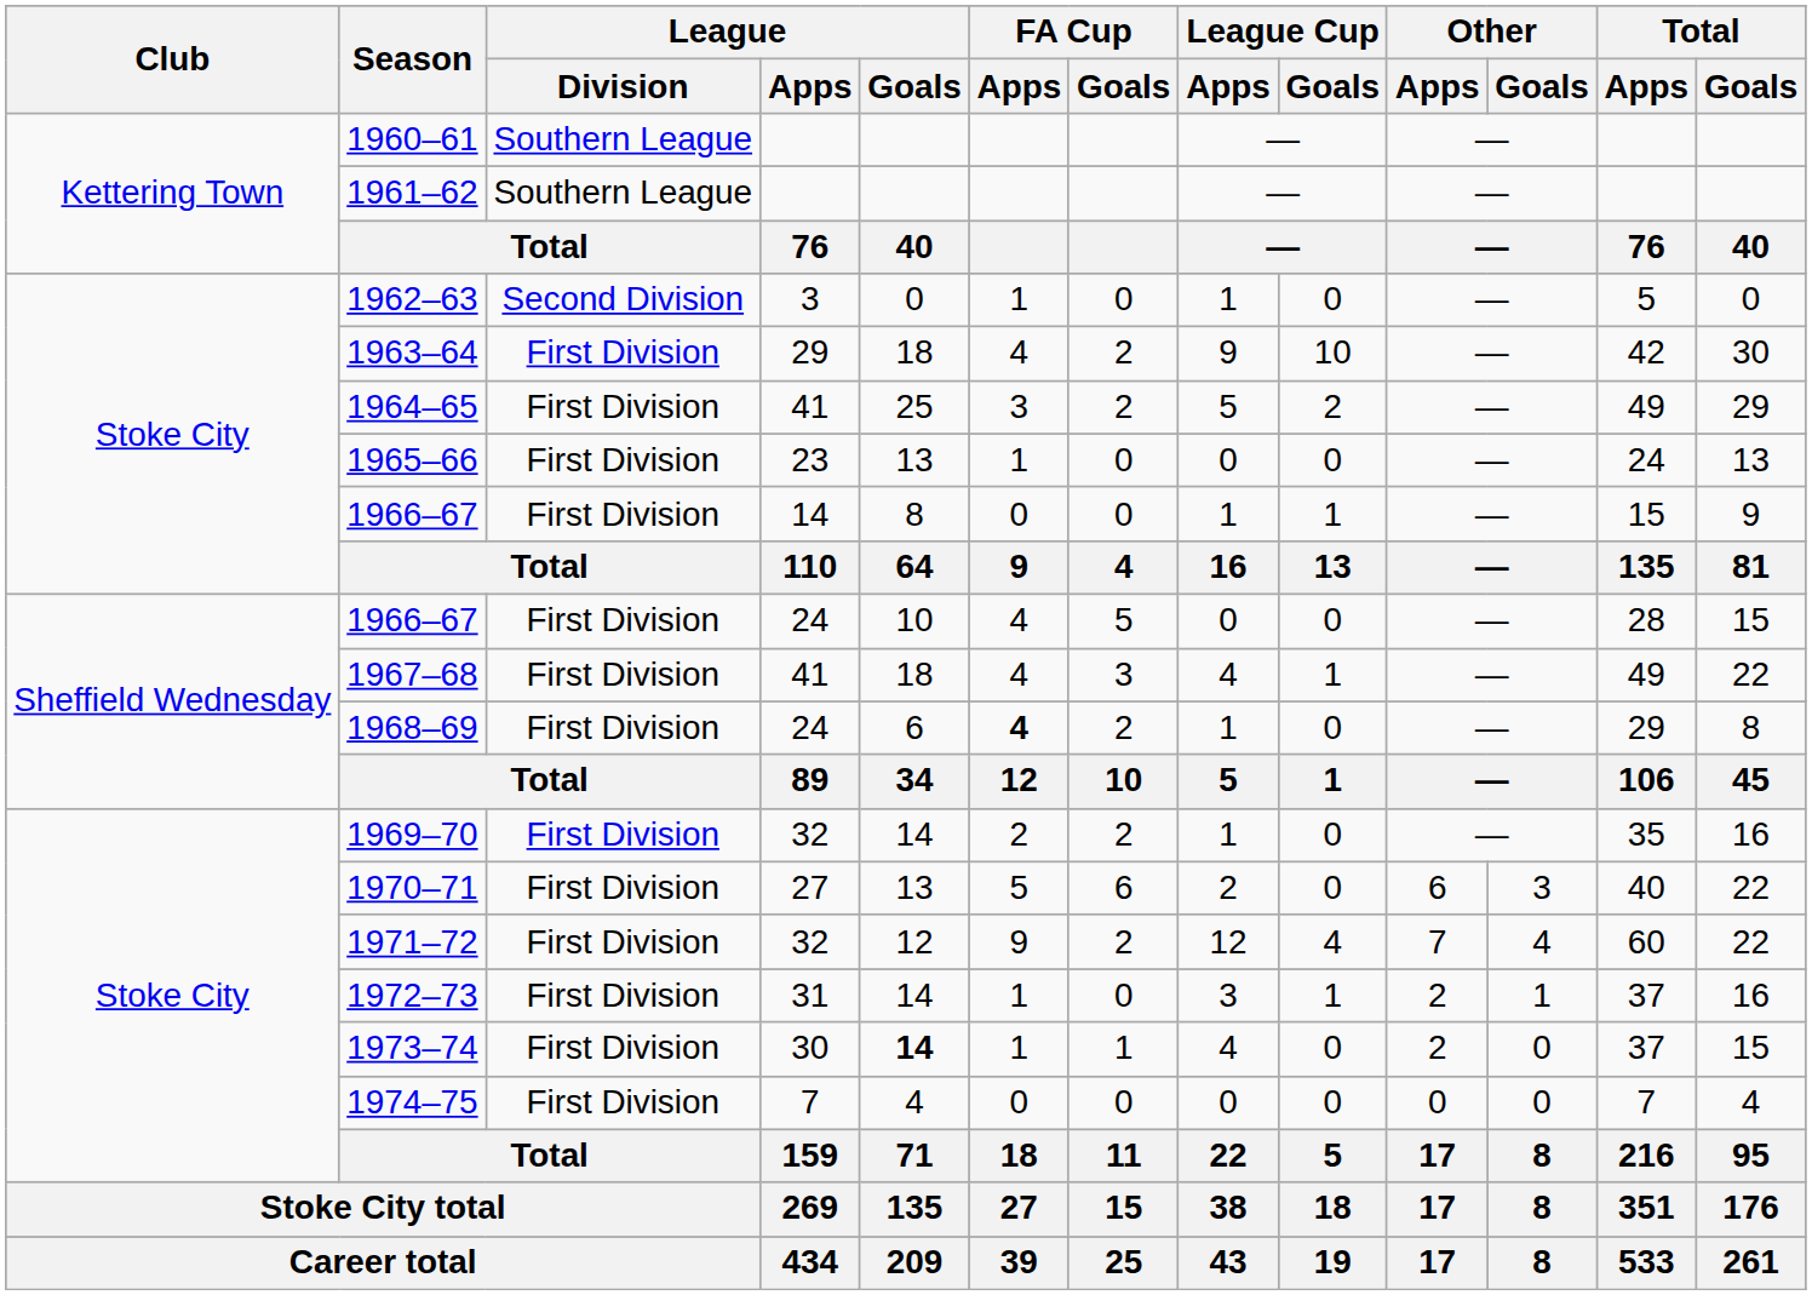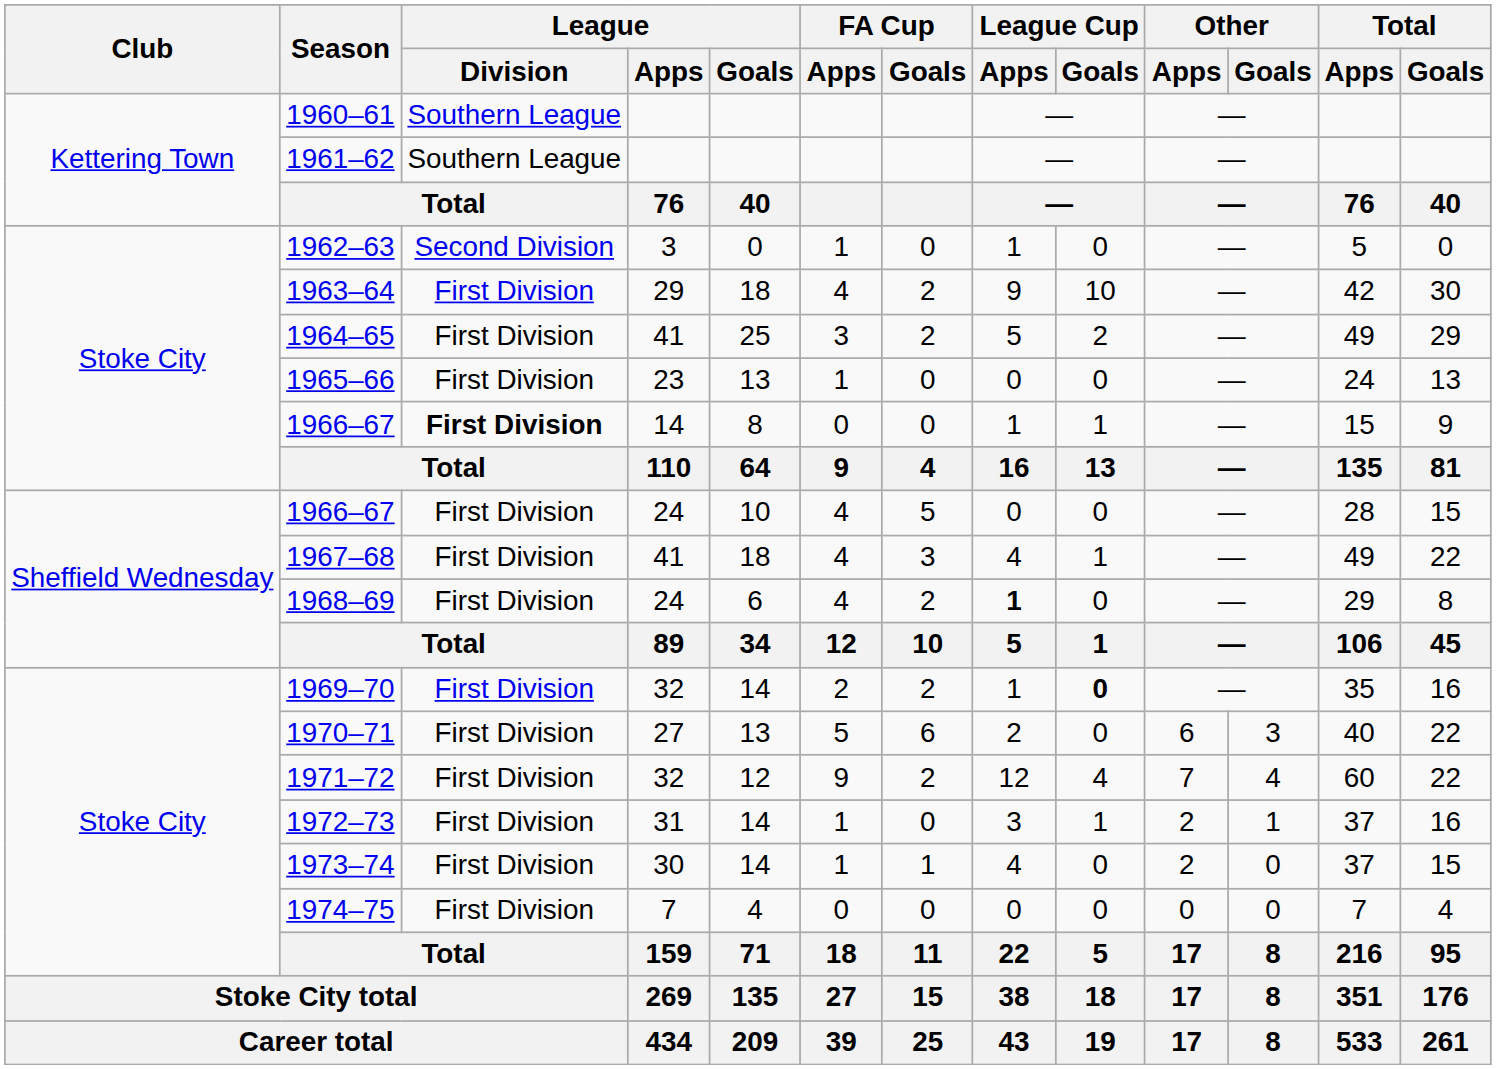 <table class="wikitable" style="text-align: center;">
 <tr>
 <th rowspan="2">Club</th>
 <th rowspan="2">Season</th>
 <th colspan="3">League</th>
 <th colspan="2">FA Cup</th>
 <th colspan="2">League Cup</th>
 <th colspan="2">Other</th>
 <th colspan="2">Total</th>
 </tr>
 <tr>
 <th>Division</th>
 <th>Apps</th>
 <th>Goals</th>
 <th>Apps</th>
 <th>Goals</th>
 <th>Apps</th>
 <th>Goals</th>
 <th>Apps</th>
 <th>Goals</th>
 <th>Apps</th>
 <th>Goals</th>
 </tr>
 <tr>
 <td rowspan="3"><a href='#'>Kettering Town</a></td>
 <td><a href='#'>1960–61</a></td>
 <td><a href='#'>Southern League</a></td>
 <td></td>
 <td></td>
 <td></td>
 <td></td>
 <td colspan="2">—</td>
 <td colspan="2">—</td>
 <td></td>
 <td></td>
 </tr>
 <tr>
 <td><a href='#'>1961–62</a></td>
 <td>Southern League</td>
 <td></td>
 <td></td>
 <td></td>
 <td></td>
 <td colspan="2">—</td>
 <td colspan="2">—</td>
 <td></td>
 <td></td>
 </tr>
 <tr>
 <th colspan="2">Total</th>
 <th>76</th>
 <th>40</th>
 <th></th>
 <th></th>
 <th colspan="2">—</th>
 <th colspan="2">—</th>
 <th>76</th>
 <th>40</th>
 </tr>
 <tr>
 <td rowspan="6"><a href='#'>Stoke City</a></td>
 <td><a href='#'>1962–63</a></td>
 <td><a href='#'>Second Division</a></td>
 <td>3</td>
 <td>0</td>
 <td>1</td>
 <td>0</td>
 <td>1</td>
 <td>0</td>
 <td colspan="2">—</td>
 <td>5</td>
 <td>0</td>
 </tr>
 <tr>
 <td><a href='#'>1963–64</a></td>
 <td><a href='#'>First Division</a></td>
 <td>29</td>
 <td>18</td>
 <td>4</td>
 <td>2</td>
 <td>9</td>
 <td>10</td>
 <td colspan="2">—</td>
 <td>42</td>
 <td>30</td>
 </tr>
 <tr>
 <td><a href='#'>1964–65</a></td>
 <td>First Division</td>
 <td>41</td>
 <td>25</td>
 <td>3</td>
 <td>2</td>
 <td>5</td>
 <td>2</td>
 <td colspan="2">—</td>
 <td>49</td>
 <td>29</td>
 </tr>
 <tr>
 <td><a href='#'>1965–66</a></td>
 <td>First Division</td>
 <td>23</td>
 <td>13</td>
 <td>1</td>
 <td>0</td>
 <td>0</td>
 <td>0</td>
 <td colspan="2">—</td>
 <td>24</td>
 <td>13</td>
 </tr>
 <tr>
 <td><a href='#'>1966–67</a></td>
-<td>First Division</td>
+<td><strong>First Division</strong></td>
 <td>14</td>
 <td>8</td>
 <td>0</td>
 <td>0</td>
 <td>1</td>
 <td>1</td>
 <td colspan="2">—</td>
 <td>15</td>
 <td>9</td>
 </tr>
 <tr>
 <th colspan="2">Total</th>
 <th>110</th>
 <th>64</th>
 <th>9</th>
 <th>4</th>
 <th>16</th>
 <th>13</th>
 <th colspan="2">—</th>
 <th>135</th>
 <th>81</th>
 </tr>
 <tr>
 <td rowspan="4"><a href='#'>Sheffield Wednesday</a></td>
 <td><a href='#'>1966–67</a></td>
 <td>First Division</td>
 <td>24</td>
 <td>10</td>
 <td>4</td>
 <td>5</td>
 <td>0</td>
 <td>0</td>
 <td colspan="2">—</td>
 <td>28</td>
 <td>15</td>
 </tr>
 <tr>
 <td><a href='#'>1967–68</a></td>
 <td>First Division</td>
 <td>41</td>
 <td>18</td>
 <td>4</td>
 <td>3</td>
 <td>4</td>
 <td>1</td>
 <td colspan="2">—</td>
 <td>49</td>
 <td>22</td>
 </tr>
 <tr>
 <td><a href='#'>1968–69</a></td>
 <td>First Division</td>
 <td>24</td>
 <td>6</td>
-<td><strong>4</strong></td>
+<td>4</td>
 <td>2</td>
-<td>1</td>
+<td><strong>1</strong></td>
 <td>0</td>
 <td colspan="2">—</td>
 <td>29</td>
 <td>8</td>
 </tr>
 <tr>
 <th colspan="2">Total</th>
 <th>89</th>
 <th>34</th>
 <th>12</th>
 <th>10</th>
 <th>5</th>
 <th>1</th>
 <th colspan="2">—</th>
 <th>106</th>
 <th>45</th>
 </tr>
 <tr>
 <td rowspan="7"><a href='#'>Stoke City</a></td>
 <td><a href='#'>1969–70</a></td>
 <td><a href='#'>First Division</a></td>
 <td>32</td>
 <td>14</td>
 <td>2</td>
 <td>2</td>
 <td>1</td>
-<td>0</td>
+<td><strong>0</strong></td>
 <td colspan="2">—</td>
 <td>35</td>
 <td>16</td>
 </tr>
 <tr>
 <td><a href='#'>1970–71</a></td>
 <td>First Division</td>
 <td>27</td>
 <td>13</td>
 <td>5</td>
 <td>6</td>
 <td>2</td>
 <td>0</td>
 <td>6</td>
 <td>3</td>
 <td>40</td>
 <td>22</td>
 </tr>
 <tr>
 <td><a href='#'>1971–72</a></td>
 <td>First Division</td>
 <td>32</td>
 <td>12</td>
 <td>9</td>
 <td>2</td>
 <td>12</td>
 <td>4</td>
 <td>7</td>
 <td>4</td>
 <td>60</td>
 <td>22</td>
 </tr>
 <tr>
 <td><a href='#'>1972–73</a></td>
 <td>First Division</td>
 <td>31</td>
 <td>14</td>
 <td>1</td>
 <td>0</td>
 <td>3</td>
 <td>1</td>
 <td>2</td>
 <td>1</td>
 <td>37</td>
 <td>16</td>
 </tr>
 <tr>
 <td><a href='#'>1973–74</a></td>
 <td>First Division</td>
 <td>30</td>
-<td><strong>14</strong></td>
+<td>14</td>
 <td>1</td>
 <td>1</td>
 <td>4</td>
 <td>0</td>
 <td>2</td>
 <td>0</td>
 <td>37</td>
 <td>15</td>
 </tr>
 <tr>
 <td><a href='#'>1974–75</a></td>
 <td>First Division</td>
 <td>7</td>
 <td>4</td>
 <td>0</td>
 <td>0</td>
 <td>0</td>
 <td>0</td>
 <td>0</td>
 <td>0</td>
 <td>7</td>
 <td>4</td>
 </tr>
 <tr>
 <th colspan="2">Total</th>
 <th>159</th>
 <th>71</th>
 <th>18</th>
 <th>11</th>
 <th>22</th>
 <th>5</th>
 <th>17</th>
 <th>8</th>
 <th>216</th>
 <th>95</th>
 </tr>
 <tr>
 <th colspan="3">Stoke City total</th>
 <th>269</th>
 <th>135</th>
 <th>27</th>
 <th>15</th>
 <th>38</th>
 <th>18</th>
 <th>17</th>
 <th>8</th>
 <th>351</th>
 <th>176</th>
 </tr>
 <tr>
 <th colspan="3">Career total</th>
 <th>434</th>
 <th>209</th>
 <th>39</th>
 <th>25</th>
 <th>43</th>
 <th>19</th>
 <th>17</th>
 <th>8</th>
 <th>533</th>
 <th>261</th>
 </tr>
 </table>
